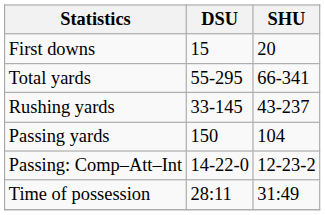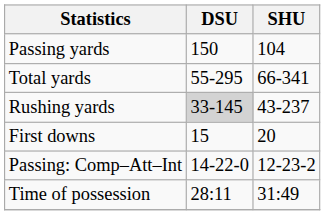 <table class="wikitable" style="float: left;">
 <tr>
 <th>Statistics</th>
 <th>DSU</th>
 <th>SHU</th>
 </tr>
 <tr>
-<td>First downs</td>
-<td>15</td>
-<td>20</td>
+<td>Passing yards</td>
+<td>150</td>
+<td>104</td>
 </tr>
 <tr>
 <td>Total yards</td>
 <td>55-295</td>
 <td>66-341</td>
 </tr>
 <tr>
 <td>Rushing yards</td>
-<td>33-145</td>
+<td style="background: lightgrey;">33-145</td>
 <td>43-237</td>
 </tr>
 <tr>
-<td>Passing yards</td>
-<td>150</td>
-<td>104</td>
+<td>First downs</td>
+<td>15</td>
+<td>20</td>
 </tr>
 <tr>
 <td>Passing: Comp–Att–Int</td>
 <td>14-22-0</td>
 <td>12-23-2</td>
 </tr>
 <tr>
 <td>Time of possession</td>
 <td>28:11</td>
 <td>31:49</td>
 </tr>
 <tr>
 </tr>
 </table>
